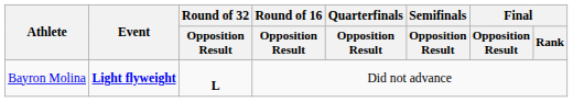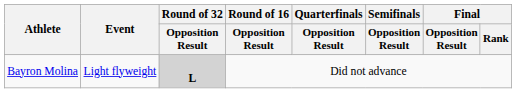 <table class="wikitable" style="font-size:90%">
 <tr>
 <th rowspan="2">Athlete</th>
 <th rowspan="2">Event</th>
 <th>Round of 32</th>
 <th>Round of 16</th>
 <th>Quarterfinals</th>
 <th>Semifinals</th>
 <th colspan=2>Final</th>
 </tr>
 <tr style="font-size:95%">
 <th>Opposition<br>Result</th>
 <th>Opposition<br>Result</th>
 <th>Opposition<br>Result</th>
 <th>Opposition<br>Result</th>
 <th>Opposition<br>Result</th>
 <th>Rank</th>
 </tr>
 <tr align=center>
 <td align=left><a href='#'>Bayron Molina</a></td>
-<td align=left><strong><a href='#'>Light flyweight</a></strong></td>
-<td> <br><strong>L</strong> </td>
+<td align=left><a href='#'>Light flyweight</a></td>
+<td style="background: lightgrey;"> <br><strong>L</strong> </td>
 <td colspan=5>Did not advance</td>
 </tr>
 </table>
